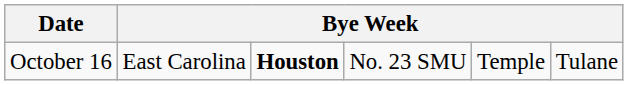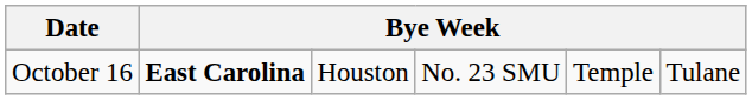 <table class="wikitable" style="font-size:95%;">
 <tr>
 <th>Date</th>
 <th colspan="5">Bye Week</th>
 </tr>
 <tr>
 <td>October 16</td>
-<td>East Carolina</td>
-<td><strong>Houston</strong></td>
+<td><strong>East Carolina</strong></td>
+<td>Houston</td>
 <td>No. 23 SMU</td>
 <td>Temple</td>
 <td>Tulane</td>
 </tr>
 </table>
